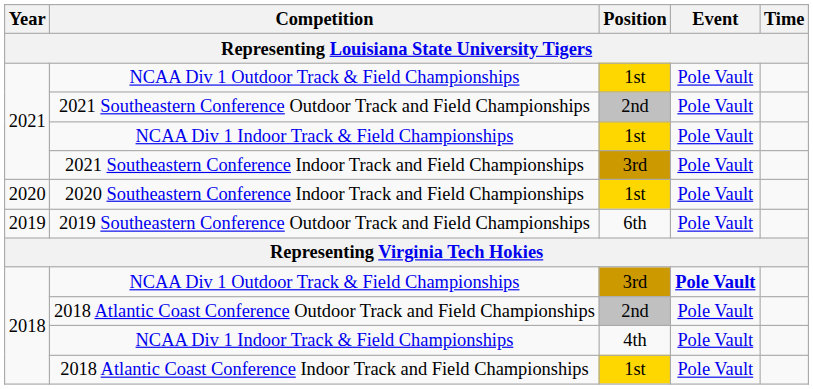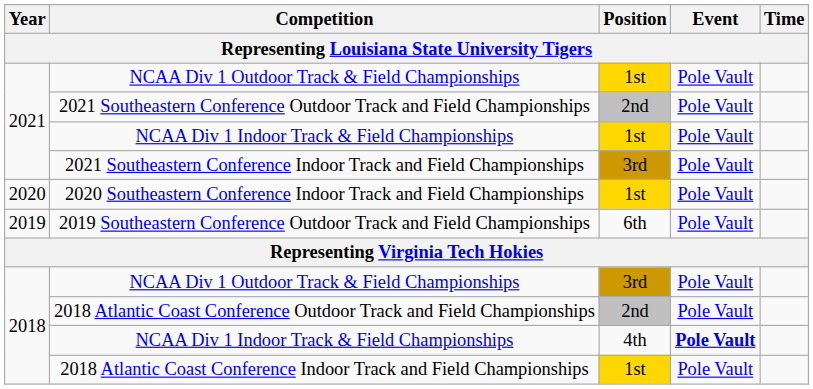 <table class="wikitable sortable" style=text-align:center>
 <tr>
 <th>Year</th>
 <th>Competition</th>
 <th>Position</th>
 <th>Event</th>
 <th>Time</th>
 </tr>
 <tr>
 <th colspan="5">Representing <a href='#'>Louisiana State University Tigers</a></th>
 </tr>
 <tr>
 <td rowspan=4>2021</td>
 <td rowspan=1><a href='#'>NCAA Div 1 Outdoor Track & Field Championships</a></td>
 <td bgcolor=gold>1st</td>
 <td><a href='#'>Pole Vault</a></td>
 <td></td>
 </tr>
 <tr>
 <td>2021 <a href='#'>Southeastern Conference</a> Outdoor Track and Field Championships</td>
 <td bgcolor=silver>2nd</td>
 <td><a href='#'>Pole Vault</a></td>
 <td></td>
 </tr>
 <tr>
 <td rowspan=1><a href='#'>NCAA Div 1 Indoor Track & Field Championships</a></td>
 <td bgcolor=gold>1st</td>
 <td><a href='#'>Pole Vault</a></td>
 <td></td>
 </tr>
 <tr>
 <td>2021 <a href='#'>Southeastern Conference</a> Indoor Track and Field Championships</td>
 <td bgcolor=cc9900>3rd</td>
 <td><a href='#'>Pole Vault</a></td>
 <td></td>
 </tr>
 <tr>
 <td>2020</td>
 <td>2020 <a href='#'>Southeastern Conference</a> Indoor Track and Field Championships</td>
 <td bgcolor=gold>1st</td>
 <td><a href='#'>Pole Vault</a></td>
 <td></td>
 </tr>
 <tr>
 <td>2019</td>
 <td>2019 <a href='#'>Southeastern Conference</a> Outdoor Track and Field Championships</td>
 <td>6th</td>
 <td><a href='#'>Pole Vault</a></td>
 <td></td>
 </tr>
 <tr>
 <th colspan="5">Representing <a href='#'>Virginia Tech Hokies</a></th>
 </tr>
 <tr>
 <td rowspan=4>2018</td>
 <td rowspan=1><a href='#'>NCAA Div 1 Outdoor Track & Field Championships</a></td>
 <td bgcolor=cc9900>3rd</td>
-<td><strong><a href='#'>Pole Vault</a></strong></td>
+<td><a href='#'>Pole Vault</a></td>
 <td></td>
 </tr>
 <tr>
 <td>2018 <a href='#'>Atlantic Coast Conference</a> Outdoor Track and Field Championships</td>
 <td bgcolor=silver>2nd</td>
 <td><a href='#'>Pole Vault</a></td>
 <td></td>
 </tr>
 <tr>
 <td rowspan=1><a href='#'>NCAA Div 1 Indoor Track & Field Championships</a></td>
 <td>4th</td>
-<td><a href='#'>Pole Vault</a></td>
+<td><strong><a href='#'>Pole Vault</a></strong></td>
 <td></td>
 </tr>
 <tr>
 <td>2018 <a href='#'>Atlantic Coast Conference</a> Indoor Track and Field Championships</td>
 <td bgcolor=gold>1st</td>
 <td><a href='#'>Pole Vault</a></td>
 <td></td>
 </tr>
 </table>
